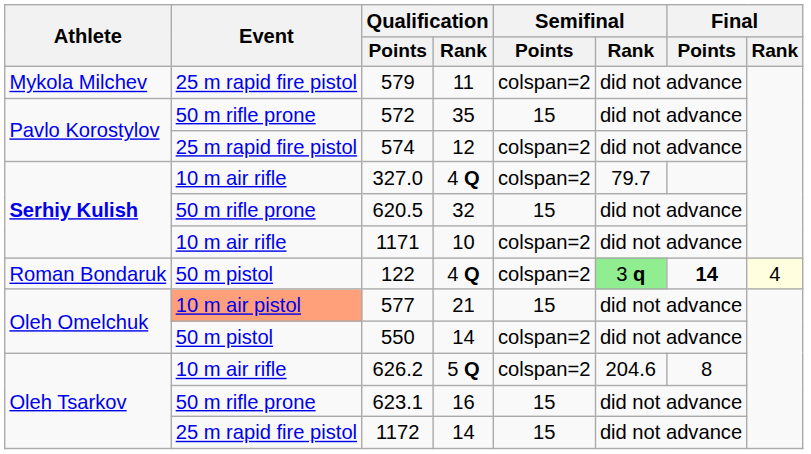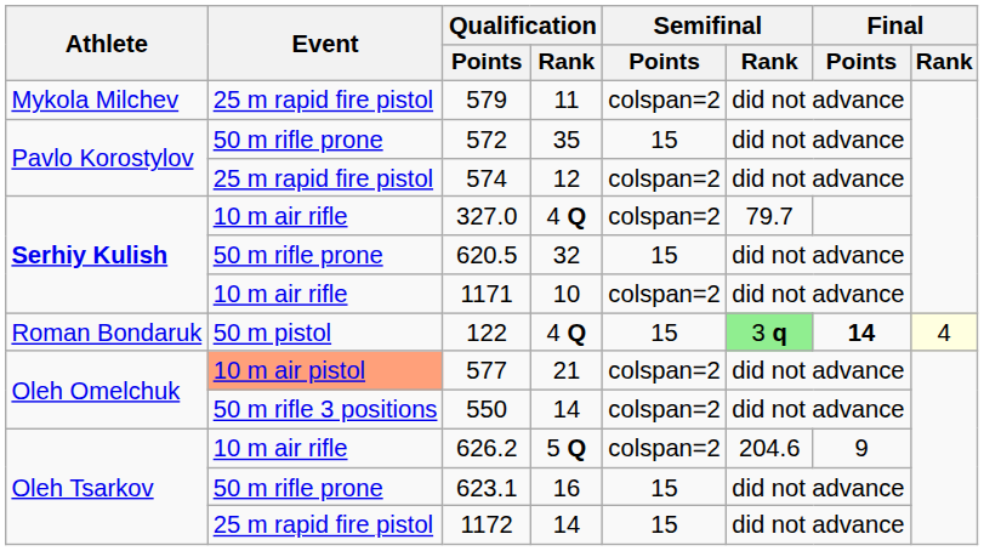 <table class="wikitable" style="font-size:90%">
 <tr>
 <th rowspan="2">Athlete</th>
 <th rowspan="2">Event</th>
 <th colspan=2>Qualification</th>
 <th colspan=2>Semifinal</th>
 <th colspan=2>Final</th>
 </tr>
 <tr style="font-size:95%">
 <th>Points</th>
 <th>Rank</th>
 <th>Points</th>
 <th>Rank</th>
 <th>Points</th>
 <th>Rank</th>
 </tr>
 <tr align=center>
 <td align=left><a href='#'>Mykola Milchev</a></td>
 <td align=left><a href='#'>25 m rapid fire pistol</a></td>
 <td>579</td>
 <td>11</td>
 <td>colspan=2 </td>
 <td colspan=2>did not advance</td>
 </tr>
 <tr align=center>
 <td align=left rowspan=2><a href='#'>Pavlo Korostylov</a></td>
 <td align=left><a href='#'>50 m rifle prone</a></td>
 <td>572</td>
 <td>35</td>
 <td>15</td>
 <td colspan=2>did not advance</td>
 </tr>
 <tr align=center>
 <td align=left><a href='#'>25 m rapid fire pistol</a></td>
 <td>574</td>
 <td>12</td>
 <td>colspan=2 </td>
 <td colspan=2>did not advance</td>
 </tr>
 <tr align=center>
 <td align=left rowspan=3><strong><a href='#'>Serhiy Kulish</a></strong></td>
 <td align=left><a href='#'>10 m air rifle</a></td>
 <td>327.0</td>
 <td>4 <strong>Q</strong></td>
 <td>colspan=2 </td>
 <td>79.7</td>
 <td></td>
 </tr>
 <tr align=center>
 <td align=left><a href='#'>50 m rifle prone</a></td>
 <td>620.5</td>
 <td>32</td>
 <td>15</td>
 <td colspan=2>did not advance</td>
 </tr>
 <tr align=center>
 <td align=left><a href='#'>10 m air rifle</a></td>
 <td>1171</td>
 <td>10</td>
 <td>colspan=2 </td>
 <td colspan=2>did not advance</td>
 </tr>
 <tr align=center>
 <td align=left><a href='#'>Roman Bondaruk</a></td>
 <td align=left><a href='#'>50 m pistol</a></td>
 <td>122</td>
 <td>4 <strong>Q</strong></td>
-<td>colspan=2 </td>
+<td>15</td>
 <td style="background: lightgreen;">3 <strong>q</strong></td>
 <td><strong>14</strong></td>
 <td style="background: lightyellow;">4</td>
 </tr>
 <tr align=center>
 <td align=left rowspan=2><a href='#'>Oleh Omelchuk</a></td>
 <td align=left style="background: lightsalmon;"><a href='#'>10 m air pistol</a></td>
 <td>577</td>
 <td>21</td>
-<td>15</td>
+<td>colspan=2 </td>
 <td colspan=2>did not advance</td>
 </tr>
 <tr align=center>
-<td align=left><a href='#'>50 m pistol</a></td>
+<td align=left><a href='#'>50 m rifle 3 positions</a></td>
 <td>550</td>
 <td>14</td>
 <td>colspan=2 </td>
 <td colspan=2>did not advance</td>
 </tr>
 <tr align=center>
 <td align=left rowspan=3><a href='#'>Oleh Tsarkov</a></td>
 <td align=left><a href='#'>10 m air rifle</a></td>
 <td>626.2</td>
 <td>5 <strong>Q</strong></td>
 <td>colspan=2 </td>
 <td>204.6</td>
-<td>8</td>
+<td>9</td>
 </tr>
 <tr align=center>
 <td align=left><a href='#'>50 m rifle prone</a></td>
 <td>623.1</td>
 <td>16</td>
 <td>15</td>
 <td colspan=2>did not advance</td>
 </tr>
 <tr align=center>
 <td align=left><a href='#'>25 m rapid fire pistol</a></td>
 <td>1172</td>
 <td>14</td>
 <td>15</td>
 <td colspan=2>did not advance</td>
 </tr>
 </table>
